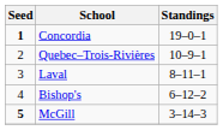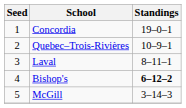 <table class="wikitable">
 <tr>
 <th>Seed</th>
 <th style="width:150px">School</th>
 <th>Standings</th>
 </tr>
 <tr>
-<td align=center><strong>1</strong></td>
+<td align=center>1</td>
 <td><a href='#'>Concordia</a></td>
 <td align=center>19–0–1</td>
 </tr>
 <tr>
 <td align=center>2</td>
 <td><a href='#'>Quebec–Trois-Rivières</a></td>
 <td align=center>10–9–1</td>
 </tr>
 <tr>
 <td align=center>3</td>
 <td><a href='#'>Laval</a></td>
 <td align=center>8–11–1</td>
 </tr>
 <tr>
 <td align=center>4</td>
 <td><a href='#'>Bishop's</a></td>
-<td align=center>6–12–2</td>
+<td align=center><strong>6–12–2</strong></td>
 </tr>
 <tr>
-<td align=center><strong>5</strong></td>
+<td align=center>5</td>
 <td><a href='#'>McGill</a></td>
 <td align=center>3–14–3</td>
 </tr>
 <tr>
 </tr>
 </table>
